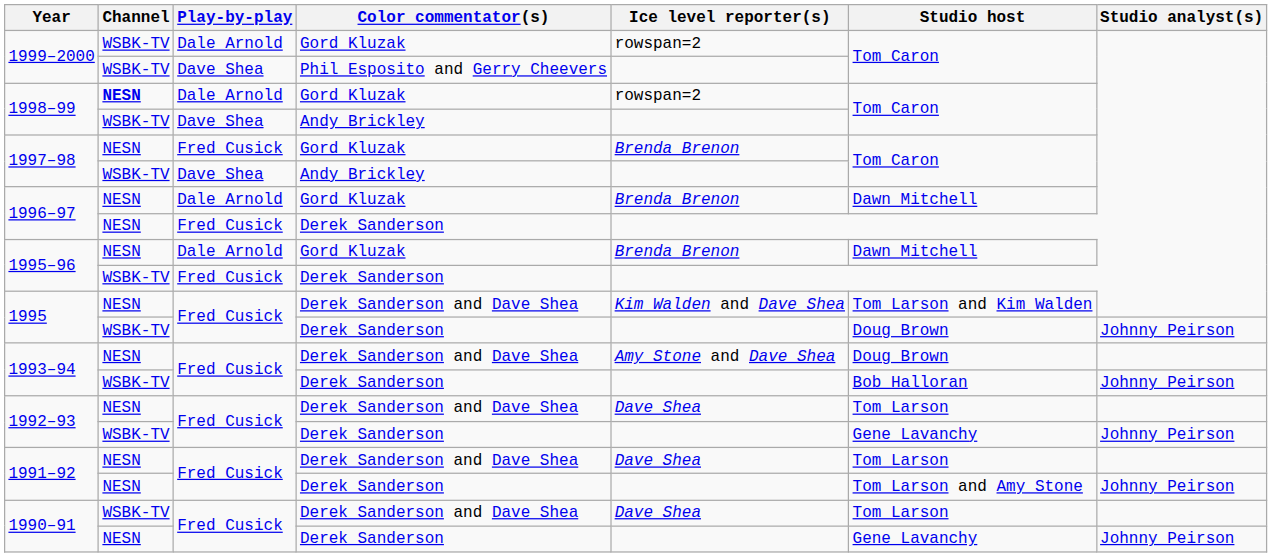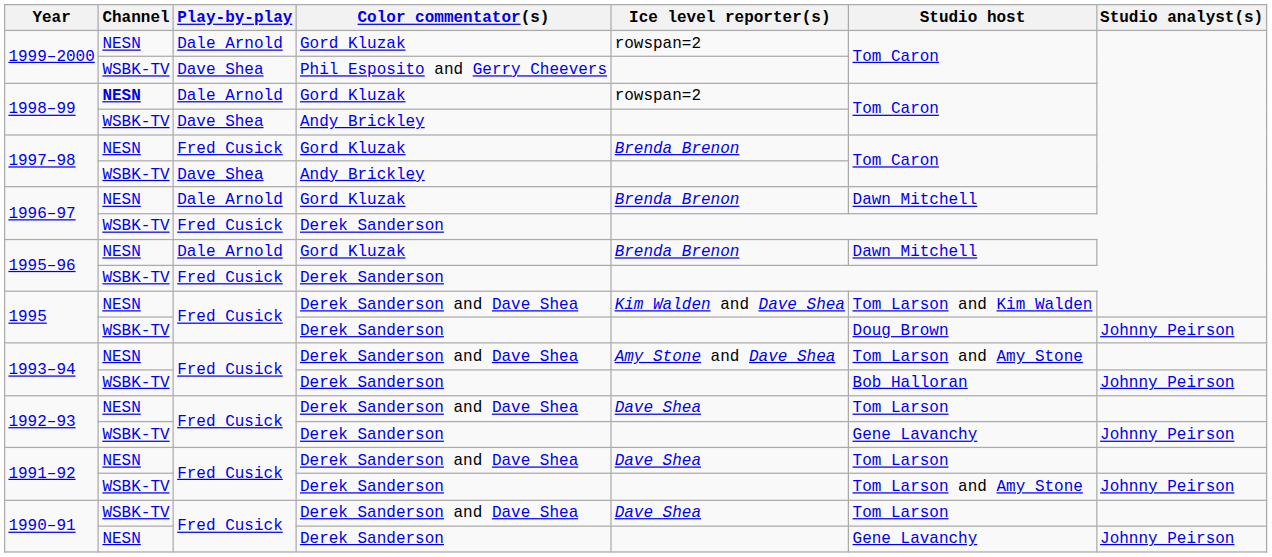 <table class="wikitable">
 <tr>
 <th>Year</th>
 <th>Channel</th>
 <th><a href='#'>Play-by-play</a></th>
 <th><a href='#'>Color commentator</a>(s)</th>
 <th>Ice level reporter(s)</th>
 <th>Studio host</th>
 <th>Studio analyst(s)</th>
 </tr>
 <tr>
 <td rowspan=2><a href='#'>1999–2000</a></td>
-<td><a href='#'>WSBK-TV</a></td>
+<td><a href='#'>NESN</a></td>
 <td><a href='#'>Dale Arnold</a></td>
 <td><a href='#'>Gord Kluzak</a></td>
 <td>rowspan=2 </td>
 <td rowspan=2><a href='#'>Tom Caron</a></td>
 </tr>
 <tr>
 <td><a href='#'>WSBK-TV</a></td>
 <td><a href='#'>Dave Shea</a></td>
 <td><a href='#'>Phil Esposito</a> and <a href='#'>Gerry Cheevers</a></td>
 </tr>
 <tr>
 <td rowspan=2><a href='#'>1998–99</a></td>
 <td><strong><a href='#'>NESN</a></strong></td>
 <td><a href='#'>Dale Arnold</a></td>
 <td><a href='#'>Gord Kluzak</a></td>
 <td>rowspan=2 </td>
 <td rowspan=2><a href='#'>Tom Caron</a></td>
 </tr>
 <tr>
 <td><a href='#'>WSBK-TV</a></td>
 <td><a href='#'>Dave Shea</a></td>
 <td><a href='#'>Andy Brickley</a></td>
 </tr>
 <tr>
 <td rowspan=2><a href='#'>1997–98</a></td>
 <td><a href='#'>NESN</a></td>
 <td><a href='#'>Fred Cusick</a></td>
 <td><a href='#'>Gord Kluzak</a></td>
 <td><em><a href='#'>Brenda Brenon</a></em></td>
 <td rowspan=2><a href='#'>Tom Caron</a></td>
 </tr>
 <tr>
 <td><a href='#'>WSBK-TV</a></td>
 <td><a href='#'>Dave Shea</a></td>
 <td><a href='#'>Andy Brickley</a></td>
 </tr>
 <tr>
 <td rowspan=2><a href='#'>1996–97</a></td>
 <td><a href='#'>NESN</a></td>
 <td><a href='#'>Dale Arnold</a></td>
 <td><a href='#'>Gord Kluzak</a></td>
 <td><em><a href='#'>Brenda Brenon</a></em></td>
 <td><a href='#'>Dawn Mitchell</a></td>
 </tr>
 <tr>
-<td><a href='#'>NESN</a></td>
+<td><a href='#'>WSBK-TV</a></td>
 <td><a href='#'>Fred Cusick</a></td>
 <td><a href='#'>Derek Sanderson</a></td>
 </tr>
 <tr>
 <td rowspan=2><a href='#'>1995–96</a></td>
 <td><a href='#'>NESN</a></td>
 <td><a href='#'>Dale Arnold</a></td>
 <td><a href='#'>Gord Kluzak</a></td>
 <td><em><a href='#'>Brenda Brenon</a></em></td>
 <td><a href='#'>Dawn Mitchell</a></td>
 </tr>
 <tr>
 <td><a href='#'>WSBK-TV</a></td>
 <td><a href='#'>Fred Cusick</a></td>
 <td><a href='#'>Derek Sanderson</a></td>
 </tr>
 <tr>
 <td rowspan=2><a href='#'>1995</a></td>
 <td><a href='#'>NESN</a></td>
 <td rowspan=2><a href='#'>Fred Cusick</a></td>
 <td><a href='#'>Derek Sanderson</a> and <a href='#'>Dave Shea</a></td>
 <td><em><a href='#'>Kim Walden</a></em> and <em><a href='#'>Dave Shea</a></em></td>
 <td><a href='#'>Tom Larson</a> and <a href='#'>Kim Walden</a></td>
 </tr>
 <tr>
 <td><a href='#'>WSBK-TV</a></td>
 <td><a href='#'>Derek Sanderson</a></td>
 <td></td>
 <td><a href='#'>Doug Brown</a></td>
 <td><a href='#'>Johnny Peirson</a></td>
 </tr>
 <tr>
 <td rowspan=2><a href='#'>1993–94</a></td>
 <td><a href='#'>NESN</a></td>
 <td rowspan=2><a href='#'>Fred Cusick</a></td>
 <td><a href='#'>Derek Sanderson</a> and <a href='#'>Dave Shea</a></td>
 <td><em><a href='#'>Amy Stone</a></em> and <em><a href='#'>Dave Shea</a></em></td>
-<td><a href='#'>Doug Brown</a></td>
+<td><a href='#'>Tom Larson</a> and <a href='#'>Amy Stone</a></td>
 </tr>
 <tr>
 <td><a href='#'>WSBK-TV</a></td>
 <td><a href='#'>Derek Sanderson</a></td>
 <td></td>
 <td><a href='#'>Bob Halloran</a></td>
 <td><a href='#'>Johnny Peirson</a></td>
 </tr>
 <tr>
 <td rowspan=2><a href='#'>1992–93</a></td>
 <td><a href='#'>NESN</a></td>
 <td rowspan=2><a href='#'>Fred Cusick</a></td>
 <td><a href='#'>Derek Sanderson</a> and <a href='#'>Dave Shea</a></td>
 <td><em><a href='#'>Dave Shea</a></em></td>
 <td><a href='#'>Tom Larson</a></td>
 </tr>
 <tr>
 <td><a href='#'>WSBK-TV</a></td>
 <td><a href='#'>Derek Sanderson</a></td>
 <td></td>
 <td><a href='#'>Gene Lavanchy</a></td>
 <td><a href='#'>Johnny Peirson</a></td>
 </tr>
 <tr>
 <td rowspan=2><a href='#'>1991–92</a></td>
 <td><a href='#'>NESN</a></td>
 <td rowspan=2><a href='#'>Fred Cusick</a></td>
 <td><a href='#'>Derek Sanderson</a> and <a href='#'>Dave Shea</a></td>
 <td><em><a href='#'>Dave Shea</a></em></td>
 <td><a href='#'>Tom Larson</a></td>
 </tr>
 <tr>
-<td><a href='#'>NESN</a></td>
+<td><a href='#'>WSBK-TV</a></td>
 <td><a href='#'>Derek Sanderson</a></td>
 <td></td>
 <td><a href='#'>Tom Larson</a> and <a href='#'>Amy Stone</a></td>
 <td><a href='#'>Johnny Peirson</a></td>
 </tr>
 <tr>
 <td rowspan=2><a href='#'>1990–91</a></td>
 <td><a href='#'>WSBK-TV</a></td>
 <td rowspan=2><a href='#'>Fred Cusick</a></td>
 <td><a href='#'>Derek Sanderson</a> and <a href='#'>Dave Shea</a></td>
 <td><em><a href='#'>Dave Shea</a></em></td>
 <td><a href='#'>Tom Larson</a></td>
 </tr>
 <tr>
 <td><a href='#'>NESN</a></td>
 <td><a href='#'>Derek Sanderson</a></td>
 <td></td>
 <td><a href='#'>Gene Lavanchy</a></td>
 <td><a href='#'>Johnny Peirson</a></td>
 </tr>
 </table>
